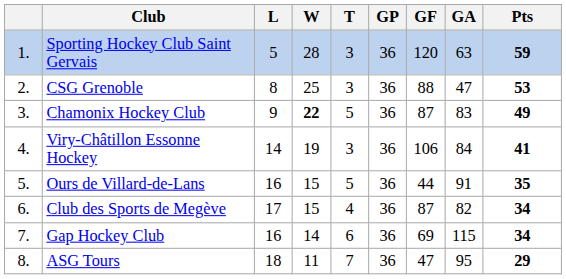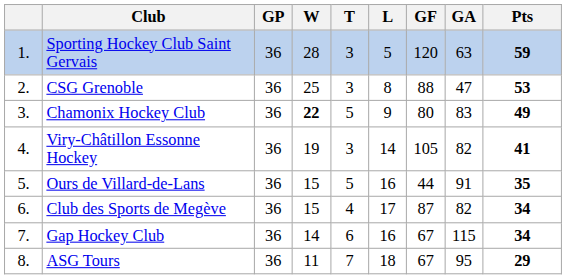 <table class="wikitable">
 <tr>
 <th width="30"></th>
 <th width="200">Club</th>
-<th width="30">L</th>
+<th width="30">GP</th>
 <th width="30">W</th>
 <th width="30">T</th>
-<th width="30">GP</th>
+<th width="30">L</th>
 <th width="30">GF</th>
 <th width="30">GA</th>
 <th width="70">Pts</th>
 </tr>
 <tr bgcolor="#BCD2EE" align="center">
 <td>1.</td>
 <td align="left"><a href='#'>Sporting Hockey Club Saint Gervais</a></td>
-<td>5</td>
+<td>36</td>
 <td>28</td>
 <td>3</td>
-<td>36</td>
+<td>5</td>
 <td>120</td>
 <td>63</td>
 <td><strong>59</strong></td>
 </tr>
 <tr bgcolor="#FFFFFF" align="center">
 <td>2.</td>
 <td align="left"><a href='#'>CSG Grenoble</a></td>
-<td>8</td>
+<td>36</td>
 <td>25</td>
 <td>3</td>
-<td>36</td>
+<td>8</td>
 <td>88</td>
 <td>47</td>
 <td><strong>53</strong></td>
 </tr>
 <tr bgcolor="#FFFFFF" align="center">
 <td>3.</td>
 <td align="left"><a href='#'>Chamonix Hockey Club</a></td>
-<td>9</td>
+<td>36</td>
 <td><strong>22</strong></td>
 <td>5</td>
-<td>36</td>
-<td>87</td>
+<td>9</td>
+<td>80</td>
 <td>83</td>
 <td><strong>49</strong></td>
 </tr>
 <tr bgcolor="#FFFFFF" align="center">
 <td>4.</td>
 <td align="left"><a href='#'>Viry-Châtillon Essonne Hockey&lrm;</a></td>
-<td>14</td>
+<td>36</td>
 <td>19</td>
 <td>3</td>
-<td>36</td>
-<td>106</td>
-<td>84</td>
+<td>14</td>
+<td>105</td>
+<td>82</td>
 <td><strong>41</strong></td>
 </tr>
 <tr bgcolor="#FFFFFF" align="center">
 <td>5.</td>
 <td align="left"><a href='#'>Ours de Villard-de-Lans</a></td>
-<td>16</td>
+<td>36</td>
 <td>15</td>
 <td>5</td>
-<td>36</td>
+<td>16</td>
 <td>44</td>
 <td>91</td>
 <td><strong>35</strong></td>
 </tr>
 <tr bgcolor="#FFFFFF" align="center">
 <td>6.</td>
 <td align="left"><a href='#'>Club des Sports de Megève</a></td>
-<td>17</td>
+<td>36</td>
 <td>15</td>
 <td>4</td>
-<td>36</td>
+<td>17</td>
 <td>87</td>
 <td>82</td>
 <td><strong>34</strong></td>
 </tr>
 <tr bgcolor="#FFFFFF" align="center">
 <td>7.</td>
 <td align="left"><a href='#'>Gap Hockey Club</a></td>
-<td>16</td>
+<td>36</td>
 <td>14</td>
 <td>6</td>
-<td>36</td>
-<td>69</td>
+<td>16</td>
+<td>67</td>
 <td>115</td>
 <td><strong>34</strong></td>
 </tr>
 <tr bgcolor="#FFFFFF" align="center">
 <td>8.</td>
 <td align="left"><a href='#'>ASG Tours</a></td>
-<td>18</td>
+<td>36</td>
 <td>11</td>
 <td>7</td>
-<td>36</td>
-<td>47</td>
+<td>18</td>
+<td>67</td>
 <td>95</td>
 <td><strong>29</strong></td>
 </tr>
 </table>
